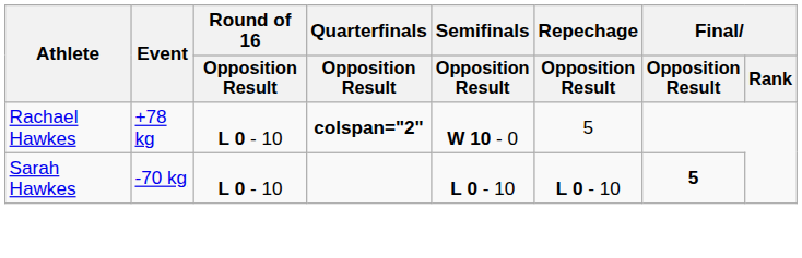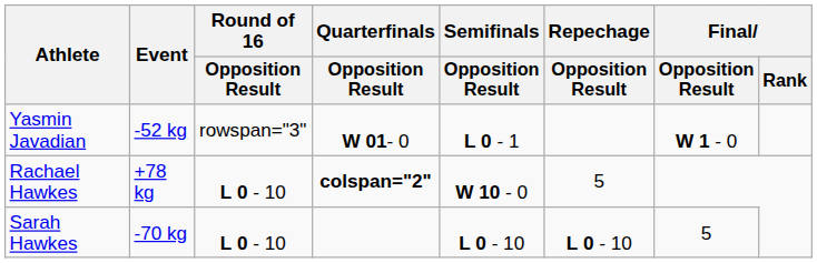 <table class="wikitable" style="font-size:90%;">
 <tr>
 <th rowspan=2>Athlete</th>
 <th rowspan=2>Event</th>
 <th>Round of 16</th>
 <th>Quarterfinals</th>
 <th>Semifinals</th>
 <th>Repechage</th>
 <th colspan=2>Final/</th>
 </tr>
 <tr style="font-size:95%">
 <th>Opposition<br>Result</th>
 <th>Opposition<br>Result</th>
 <th>Opposition<br>Result</th>
 <th>Opposition<br>Result</th>
 <th>Opposition<br>Result</th>
 <th>Rank</th>
 </tr>
 <tr align=center>
+<td align=left><a href='#'>Yasmin Javadian</a></td>
+<td align=left><a href='#'>-52 kg</a></td>
+<td>rowspan="3" </td>
+<td><br><strong>W</strong> <strong>01</strong>- 0</td>
+<td><br><strong>L</strong> <strong>0</strong> - 1</td>
+<td></td>
+<td><br><strong>W</strong> <strong>1</strong> - 0</td>
+<td></td>
+</tr>
+<tr align=center>
 <td align=left><a href='#'>Rachael Hawkes</a></td>
 <td align=left><a href='#'>+78 kg</a></td>
 <td><br><strong>L</strong> <strong>0</strong> - 10</td>
 <td><strong>colspan="2" </strong></td>
 <td><br><strong>W</strong> <strong>10</strong> - 0</td>
 <td>5</td>
 </tr>
 <tr align=center>
 <td align=left><a href='#'>Sarah Hawkes</a></td>
 <td align=left><a href='#'>-70 kg</a></td>
 <td><br><strong>L</strong> <strong>0</strong> - 10</td>
 <td></td>
 <td><br><strong>L</strong> <strong>0</strong> - 10</td>
 <td><br><strong>L</strong> <strong>0</strong> - 10</td>
-<td><strong>5</strong></td>
+<td>5</td>
 </tr>
 </table>
